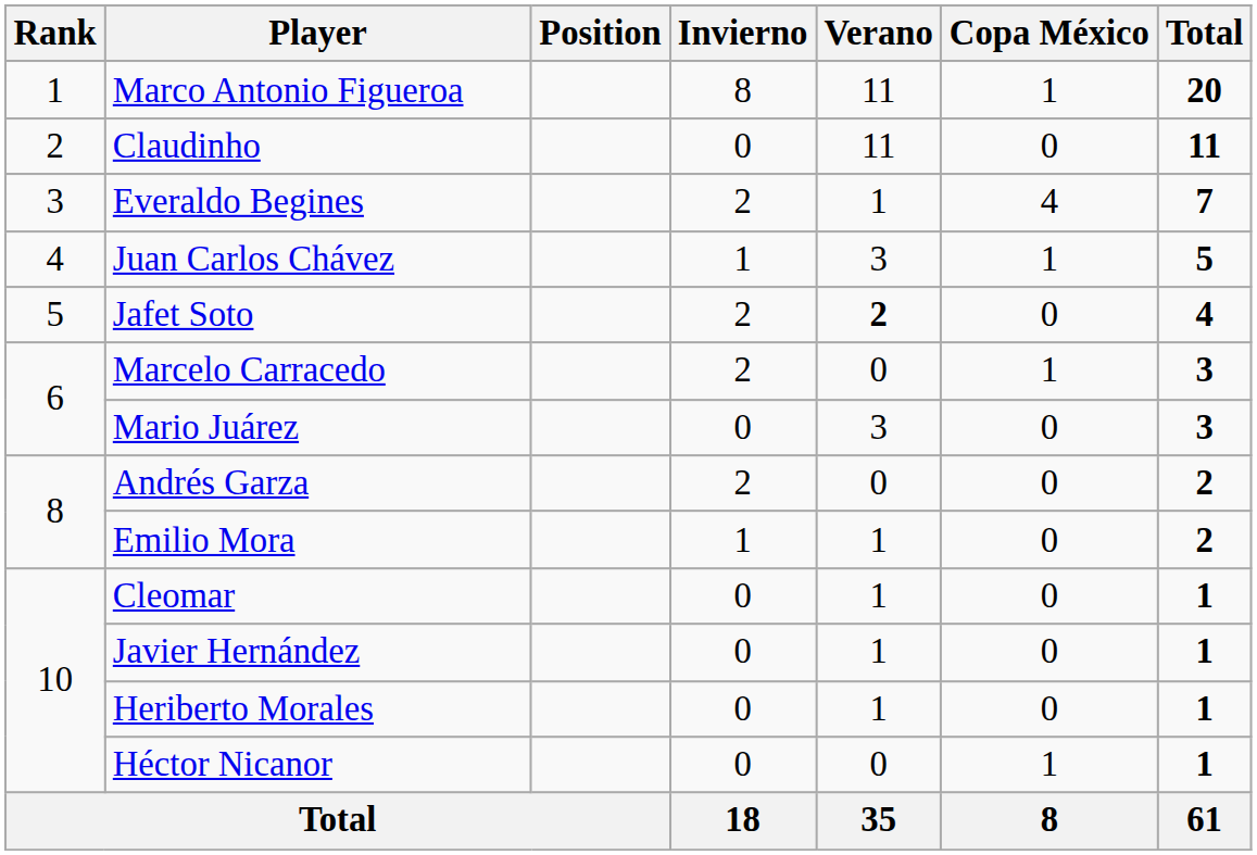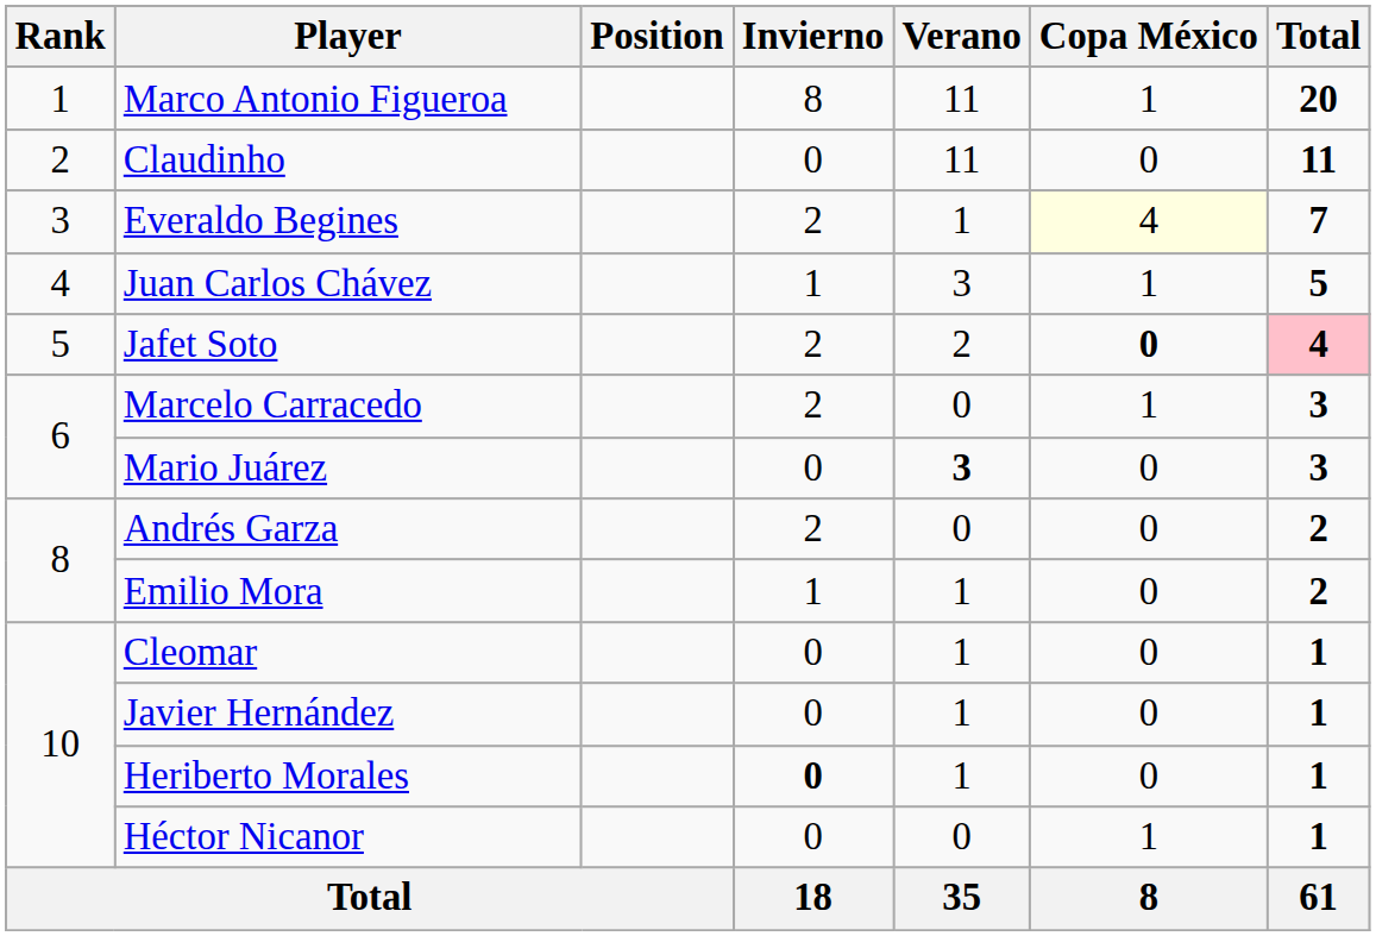 <table class="wikitable">
 <tr>
 <th>Rank</th>
 <th style="width:185px;">Player</th>
 <th>Position</th>
 <th>Invierno</th>
 <th>Verano</th>
 <th>Copa México</th>
 <th>Total</th>
 </tr>
 <tr>
 <td align=center>1</td>
 <td> <a href='#'>Marco Antonio Figueroa</a></td>
 <td align=center></td>
 <td align=center>8</td>
 <td align=center>11</td>
 <td align=center>1</td>
 <td align=center><strong>20</strong></td>
 </tr>
 <tr>
 <td align=center>2</td>
 <td> <a href='#'>Claudinho</a></td>
 <td align=center></td>
 <td align=center>0</td>
 <td align=center>11</td>
 <td align=center>0</td>
 <td align=center><strong>11</strong></td>
 </tr>
 <tr>
 <td align=center>3</td>
 <td> <a href='#'>Everaldo Begines</a></td>
 <td align=center></td>
 <td align=center>2</td>
 <td align=center>1</td>
-<td align=center>4</td>
+<td align=center style="background: lightyellow;">4</td>
 <td align=center><strong>7</strong></td>
 </tr>
 <tr>
 <td align=center>4</td>
 <td> <a href='#'>Juan Carlos Chávez</a></td>
 <td align=center></td>
 <td align=center>1</td>
 <td align=center>3</td>
 <td align=center>1</td>
 <td align=center><strong>5</strong></td>
 </tr>
 <tr>
 <td align=center>5</td>
 <td> <a href='#'>Jafet Soto</a></td>
 <td align=center></td>
 <td align=center>2</td>
-<td align=center><strong>2</strong></td>
-<td align=center>0</td>
-<td align=center><strong>4</strong></td>
+<td align=center>2</td>
+<td align=center><strong>0</strong></td>
+<td align=center style="background: pink;"><strong>4</strong></td>
 </tr>
 <tr>
 <td align=center rowspan=2>6</td>
 <td> <a href='#'>Marcelo Carracedo</a></td>
 <td align=center></td>
 <td align=center>2</td>
 <td align=center>0</td>
 <td align=center>1</td>
 <td align=center><strong>3</strong></td>
 </tr>
 <tr>
 <td> <a href='#'>Mario Juárez</a></td>
 <td align=center></td>
 <td align=center>0</td>
-<td align=center>3</td>
+<td align=center><strong>3</strong></td>
 <td align=center>0</td>
 <td align=center><strong>3</strong></td>
 </tr>
 <tr>
 <td align=center rowspan=2>8</td>
 <td> <a href='#'>Andrés Garza</a></td>
 <td align=center></td>
 <td align=center>2</td>
 <td align=center>0</td>
 <td align=center>0</td>
 <td align=center><strong>2</strong></td>
 </tr>
 <tr>
 <td> <a href='#'>Emilio Mora</a></td>
 <td align=center></td>
 <td align=center>1</td>
 <td align=center>1</td>
 <td align=center>0</td>
 <td align=center><strong>2</strong></td>
 </tr>
 <tr>
 <td align=center rowspan=4>10</td>
 <td> <a href='#'>Cleomar</a></td>
 <td align=center></td>
 <td align=center>0</td>
 <td align=center>1</td>
 <td align=center>0</td>
 <td align=center><strong>1</strong></td>
 </tr>
 <tr>
 <td> <a href='#'>Javier Hernández</a></td>
 <td align=center></td>
 <td align=center>0</td>
 <td align=center>1</td>
 <td align=center>0</td>
 <td align=center><strong>1</strong></td>
 </tr>
 <tr>
 <td> <a href='#'>Heriberto Morales</a></td>
 <td align=center></td>
-<td align=center>0</td>
+<td align=center><strong>0</strong></td>
 <td align=center>1</td>
 <td align=center>0</td>
 <td align=center><strong>1</strong></td>
 </tr>
 <tr>
 <td> <a href='#'>Héctor Nicanor</a></td>
 <td align=center></td>
 <td align=center>0</td>
 <td align=center>0</td>
 <td align=center>1</td>
 <td align=center><strong>1</strong></td>
 </tr>
 <tr>
 <th align=center colspan=3>Total</th>
 <th align=center>18</th>
 <th align=center>35</th>
 <th align=center>8</th>
 <th align=center>61</th>
 </tr>
 </table>
